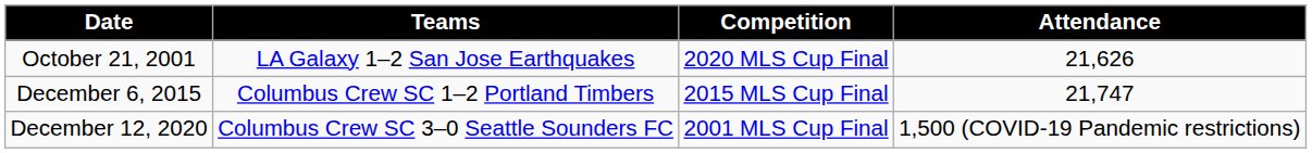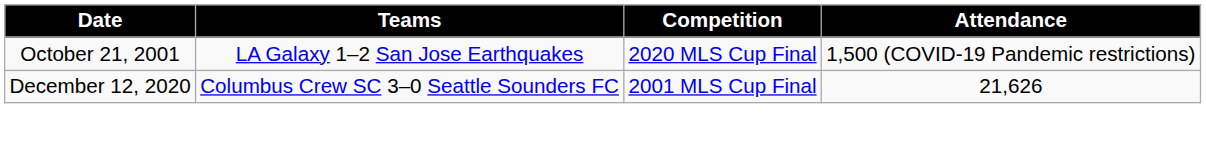 <table class="wikitable sortable" style="text-align:center">
 <tr>
 <th style="background:#000; color:#FFF; ">Date</th>
 <th style="background:#000; color:#FFF; ">Teams</th>
 <th style="background:#000; color:#FFF; ">Competition</th>
 <th style="background:#000; color:#FFF; ">Attendance</th>
 </tr>
 <tr>
 <td>October 21, 2001</td>
 <td><a href='#'>LA Galaxy</a> 1–2 <a href='#'>San Jose Earthquakes</a></td>
 <td><a href='#'>2020 MLS Cup Final</a></td>
-<td>21,626</td>
-</tr>
-<tr>
-<td>December 6, 2015</td>
-<td><a href='#'>Columbus Crew SC</a> 1–2 <a href='#'>Portland Timbers</a></td>
-<td><a href='#'>2015 MLS Cup Final</a></td>
-<td>21,747</td>
+<td>1,500 (COVID-19 Pandemic restrictions)</td>
 </tr>
 <tr>
 <td>December 12, 2020</td>
 <td><a href='#'>Columbus Crew SC</a> 3–0 <a href='#'>Seattle Sounders FC</a></td>
 <td><a href='#'>2001 MLS Cup Final</a></td>
-<td>1,500 (COVID-19 Pandemic restrictions)</td>
+<td>21,626</td>
 </tr>
 </table>
